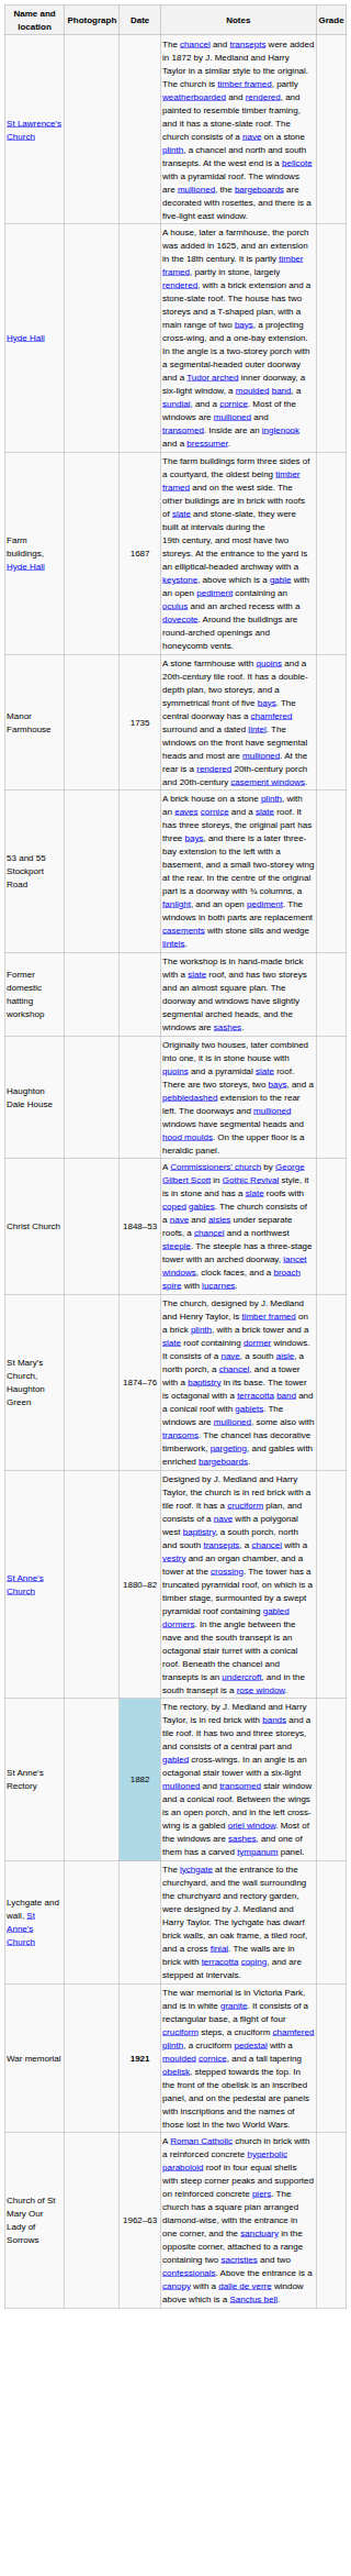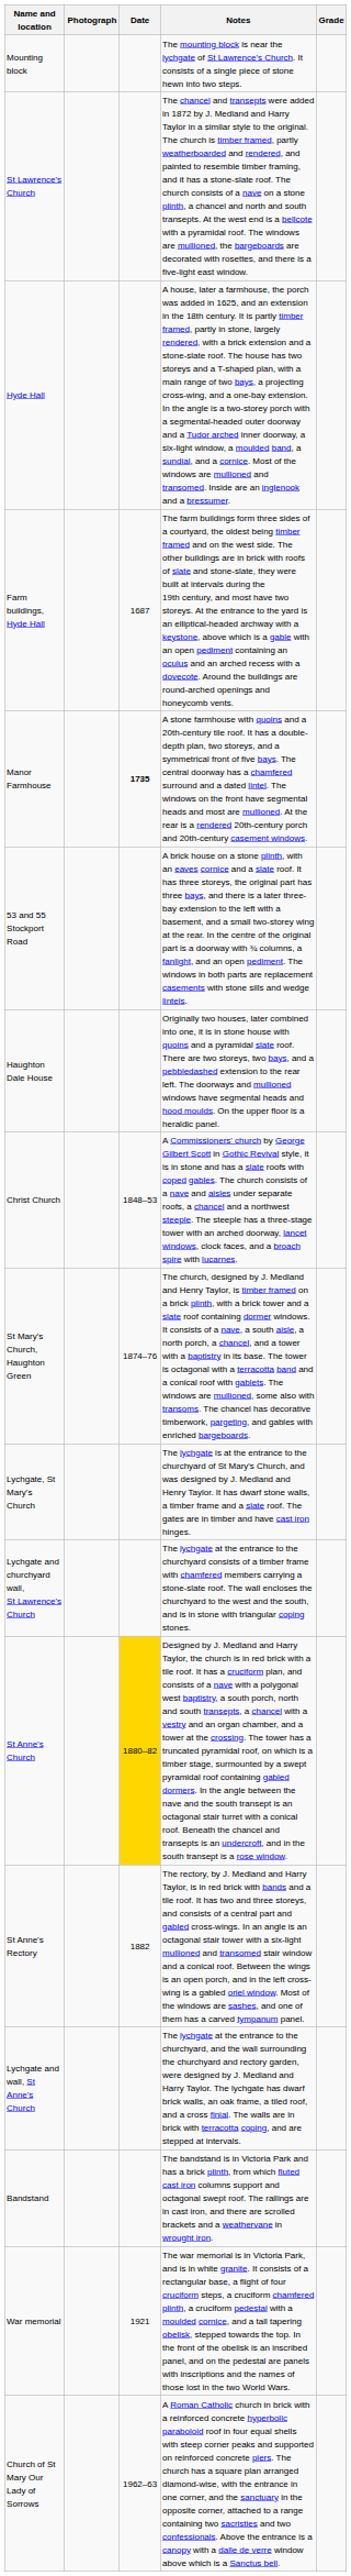 <table class="wikitable sortable plainrowheaders" style="width:100%; border:0; text-align:left; line-height:150%;">
 <tr>
 <th scope="col"  style="width:150px">Name and location</th>
 <th scope="col"  style="width:100px" class="unsortable">Photograph</th>
 <th scope="col"  style="width:120px">Date</th>
 <th scope="col"  style="width:650px" class="unsortable">Notes</th>
 <th scope="col"  style="width:50px">Grade</th>
+</tr>
+<tr>
+<td>Mounting block<br><small></small></td>
+<td></td>
+<td align="center"></td>
+<td>The <a href='#'>mounting block</a> is near the <a href='#'>lychgate</a> of <a href='#'>St Lawrence's Church</a>. It consists of a single piece of stone hewn into two steps.</td>
+<td align="center" ></td>
 </tr>
 <tr>
 <td><a href='#'>St Lawrence's Church</a><br><small></small></td>
 <td></td>
 <td align="center"></td>
 <td>The <a href='#'>chancel</a> and <a href='#'>transepts</a> were added in 1872 by J. Medland and Harry Taylor in a similar style to the original. The church is <a href='#'>timber framed</a>, partly <a href='#'>weatherboarded</a> and <a href='#'>rendered</a>, and painted to resemble timber framing, and it has a stone-slate roof. The church consists of a <a href='#'>nave</a> on a stone <a href='#'>plinth</a>, a chancel and north and south transepts. At the west end is a <a href='#'>bellcote</a> with a pyramidal roof. The windows are <a href='#'>mullioned</a>, the <a href='#'>bargeboards</a> are decorated with rosettes, and there is a five-light east window.</td>
 <td align="center" ></td>
 </tr>
 <tr>
 <td><a href='#'>Hyde Hall</a><br><small></small></td>
 <td></td>
 <td align="center"></td>
 <td>A house, later a farmhouse, the porch was added in 1625, and an extension in the 18th century. It is partly <a href='#'>timber framed</a>, partly in stone, largely <a href='#'>rendered</a>, with a brick extension and a stone-slate roof. The house has two storeys and a T-shaped plan, with a main range of two <a href='#'>bays</a>, a projecting cross-wing, and a one-bay extension. In the angle is a two-storey porch with a segmental-headed outer doorway and a <a href='#'>Tudor arched</a> inner doorway, a six-light window, a <a href='#'>moulded</a> <a href='#'>band</a>, a <a href='#'>sundial</a>, and a <a href='#'>cornice</a>. Most of the windows are <a href='#'>mullioned</a> and <a href='#'>transomed</a>. Inside are an <a href='#'>inglenook</a> and a <a href='#'>bressumer</a>.</td>
 <td align="center" ></td>
 </tr>
 <tr>
 <td>Farm buildings, <a href='#'>Hyde Hall</a><br><small></small></td>
 <td></td>
 <td align="center">1687</td>
 <td>The farm buildings form three sides of a courtyard, the oldest being <a href='#'>timber framed</a> and on the west side. The other buildings are in brick with roofs of <a href='#'>slate</a> and stone-slate, they were built at intervals during the 19th century, and most have two storeys. At the entrance to the yard is an elliptical-headed archway with a <a href='#'>keystone</a>, above which is a <a href='#'>gable</a> with an open <a href='#'>pediment</a> containing an <a href='#'>oculus</a> and an arched recess with a <a href='#'>dovecote</a>. Around the buildings are round-arched openings and honeycomb vents.</td>
 <td align="center" ></td>
 </tr>
 <tr>
 <td>Manor Farmhouse<br><small></small></td>
 <td></td>
-<td align="center">1735</td>
+<td align="center"><strong>1735</strong></td>
 <td>A stone farmhouse with <a href='#'>quoins</a> and a 20th-century tile roof. It has a double-depth plan, two storeys, and a symmetrical front of five <a href='#'>bays</a>. The central doorway has a <a href='#'>chamfered</a> surround and a dated <a href='#'>lintel</a>. The windows on the front have segmental heads and most are <a href='#'>mullioned</a>. At the rear is a <a href='#'>rendered</a> 20th-century porch and 20th-century <a href='#'>casement windows</a>.</td>
 <td align="center" ></td>
 </tr>
 <tr>
 <td>53 and 55 Stockport Road<br><small></small></td>
 <td></td>
 <td align="center"></td>
 <td>A brick house on a stone <a href='#'>plinth</a>, with an <a href='#'>eaves</a> <a href='#'>cornice</a> and a <a href='#'>slate</a> roof. It has three storeys, the original part has three <a href='#'>bays</a>, and there is a later three-bay extension to the left with a basement, and a small two-storey wing at the rear. In the centre of the original part is a doorway with ¾ columns, a <a href='#'>fanlight</a>, and an open <a href='#'>pediment</a>. The windows in both parts are replacement <a href='#'>casements</a> with stone sills and wedge <a href='#'>lintels</a>.</td>
-<td align="center" ></td>
-</tr>
-<tr>
-<td>Former domestic hatting workshop<br><small></small></td>
-<td></td>
-<td align="center"></td>
-<td>The workshop is in hand-made brick with a <a href='#'>slate</a> roof, and has two storeys and an almost square plan. The doorway and windows have slightly segmental arched heads, and the windows are <a href='#'>sashes</a>.</td>
 <td align="center" ></td>
 </tr>
 <tr>
 <td>Haughton Dale House<br><small></small></td>
 <td></td>
 <td align="center"></td>
 <td>Originally two houses, later combined into one, it is in stone house with <a href='#'>quoins</a> and a pyramidal <a href='#'>slate</a> roof. There are two storeys, two <a href='#'>bays</a>, and a <a href='#'>pebbledashed</a> extension to the rear left. The doorways and <a href='#'>mullioned</a> windows have segmental heads and <a href='#'>hood moulds</a>. On the upper floor is a heraldic panel.</td>
 <td align="center" ></td>
 </tr>
 <tr>
 <td>Christ Church<br><small></small></td>
 <td></td>
 <td align="center">1848–53</td>
 <td>A <a href='#'>Commissioners' church</a> by <a href='#'>George Gilbert Scott</a> in <a href='#'>Gothic Revival</a> style, it is in stone and has a <a href='#'>slate</a> roofs with <a href='#'>coped</a> <a href='#'>gables</a>. The church consists of a <a href='#'>nave</a> and <a href='#'>aisles</a> under separate roofs, a <a href='#'>chancel</a> and a northwest <a href='#'>steeple</a>. The steeple has a three-stage tower with an arched doorway, <a href='#'>lancet windows</a>, clock faces, and a <a href='#'>broach spire</a> with <a href='#'>lucarnes</a>.</td>
 <td align="center" ></td>
 </tr>
 <tr>
 <td>St Mary's Church, Haughton Green<br><small></small></td>
 <td></td>
 <td align="center">1874–76</td>
 <td>The church, designed by J. Medland and Henry Taylor, is <a href='#'>timber framed</a> on a brick <a href='#'>plinth</a>, with a brick tower and a <a href='#'>slate</a> roof containing <a href='#'>dormer</a> windows. It consists of a <a href='#'>nave</a>, a south <a href='#'>aisle</a>, a north porch, a <a href='#'>chancel</a>, and a tower with a <a href='#'>baptistry</a> in its base. The tower is octagonal with a <a href='#'>terracotta</a> <a href='#'>band</a> and a conical roof with <a href='#'>gablets</a>. The windows are <a href='#'>mullioned</a>, some also with <a href='#'>transoms</a>. The chancel has decorative timberwork, <a href='#'>pargeting</a>, and gables with enriched <a href='#'>bargeboards</a>.</td>
 <td align="center" ></td>
 </tr>
 <tr>
+<td>Lychgate, St Mary's Church<br><small></small></td>
+<td></td>
+<td align="center"></td>
+<td>The <a href='#'>lychgate</a> is at the entrance to the churchyard of St Mary's Church, and was designed by J. Medland and Henry Taylor. It has dwarf stone walls, a timber frame and a <a href='#'>slate</a> roof. The gates are in timber and have <a href='#'>cast iron</a> hinges.</td>
+<td align="center" ></td>
+</tr>
+<tr>
+<td>Lychgate and churchyard wall,<br><a href='#'>St Lawrence's Church</a><br><small></small></td>
+<td></td>
+<td align="center"></td>
+<td>The <a href='#'>lychgate</a> at the entrance to the churchyard consists of a timber frame with <a href='#'>chamfered</a> members carrying a stone-slate roof. The wall encloses the churchyard to the west and the south, and is in stone with triangular <a href='#'>coping</a> stones.</td>
+<td align="center" ></td>
+</tr>
+<tr>
 <td><a href='#'>St Anne's Church</a><br><small></small></td>
 <td></td>
-<td align="center">1880–82</td>
+<td align="center" style="background: gold;">1880–82</td>
 <td>Designed by J. Medland and Harry Taylor, the church is in red brick with a tile roof. It has a <a href='#'>cruciform</a> plan, and consists of a <a href='#'>nave</a> with a polygonal west <a href='#'>baptistry</a>, a south porch, north and south <a href='#'>transepts</a>, a <a href='#'>chancel</a> with a <a href='#'>vestry</a> and an organ chamber, and a tower at the <a href='#'>crossing</a>. The tower has a truncated pyramidal roof, on which is a timber stage, surmounted by a swept pyramidal roof containing <a href='#'>gabled</a> <a href='#'>dormers</a>. In the angle between the nave and the south transept is an octagonal stair turret with a conical roof. Beneath the chancel and transepts is an <a href='#'>undercroft</a>, and in the south transept is a <a href='#'>rose window</a>.</td>
 <td align="center" ></td>
 </tr>
 <tr>
 <td>St Anne's Rectory<br><small></small></td>
 <td></td>
-<td align="center" style="background: lightblue;">1882</td>
+<td align="center">1882</td>
 <td>The rectory, by J. Medland and Harry Taylor, is in red brick with <a href='#'>bands</a> and a tile roof. It has two and three storeys, and consists of a central part and <a href='#'>gabled</a> cross-wings. In an angle is an octagonal stair tower with a six-light <a href='#'>mullioned</a> and <a href='#'>transomed</a> stair window and a conical roof. Between the wings is an open porch, and in the left cross-wing is a gabled <a href='#'>oriel window</a>. Most of the windows are <a href='#'>sashes</a>, and one of them has a carved <a href='#'>tympanum</a> panel.</td>
 <td align="center" ></td>
 </tr>
 <tr>
 <td>Lychgate and wall, <a href='#'>St Anne's Church</a><br><small></small></td>
 <td></td>
 <td align="center"></td>
 <td>The <a href='#'>lychgate</a> at the entrance to the churchyard, and the wall surrounding the churchyard and rectory garden, were designed by J. Medland and Harry Taylor. The lychgate has dwarf brick walls, an oak frame, a tiled roof, and a cross <a href='#'>finial</a>. The walls are in brick with <a href='#'>terracotta</a> <a href='#'>coping</a>, and are stepped at intervals.</td>
 <td align="center" ></td>
 </tr>
 <tr>
+<td>Bandstand<br><small></small></td>
+<td></td>
+<td align="center"></td>
+<td>The bandstand is in Victoria Park and has a brick <a href='#'>plinth</a>, from which <a href='#'>fluted</a> <a href='#'>cast iron</a> columns support and octagonal swept roof. The railings are in cast iron, and there are scrolled brackets and a <a href='#'>weathervane</a> in <a href='#'>wrought iron</a>.</td>
+<td align="center" ></td>
+</tr>
+<tr>
 <td>War memorial<br><small></small></td>
 <td></td>
-<td align="center"><strong>1921</strong></td>
+<td align="center">1921</td>
 <td>The war memorial is in Victoria Park, and is in white <a href='#'>granite</a>. It consists of a rectangular base, a flight of four <a href='#'>cruciform</a> steps, a cruciform <a href='#'>chamfered</a> <a href='#'>plinth</a>, a cruciform <a href='#'>pedestal</a> with a <a href='#'>moulded</a> <a href='#'>cornice</a>, and a tall tapering <a href='#'>obelisk</a>, stepped towards the top. In the front of the obelisk is an inscribed panel, and on the pedestal are panels with inscriptions and the names of those lost in the two World Wars.</td>
 <td align="center" ></td>
 </tr>
 <tr>
 <td>Church of St Mary Our Lady of Sorrows<br><small></small></td>
 <td></td>
 <td align="center">1962–63</td>
 <td>A <a href='#'>Roman Catholic</a> church in brick with a reinforced concrete <a href='#'>hyperbolic paraboloid</a> roof in four equal shells with steep corner peaks and supported on reinforced concrete <a href='#'>piers</a>. The church has a square plan arranged diamond-wise, with the entrance in one corner, and the <a href='#'>sanctuary</a> in the opposite corner, attached to a range containing two <a href='#'>sacristies</a> and two <a href='#'>confessionals</a>. Above the entrance is a <a href='#'>canopy</a> with a <a href='#'>dalle de verre</a> window above which is a <a href='#'>Sanctus bell</a>.</td>
 <td align="center" ></td>
 </tr>
 <tr>
 </tr>
 </table>
